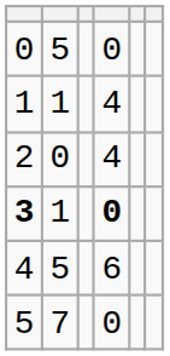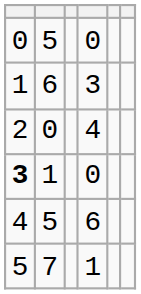 <table class="wikitable">
 <tr>
 <th></th>
 <th></th>
 <th></th>
 <th></th>
 <th></th>
 <th></th>
 </tr>
 <tr>
 <td>0</td>
 <td>5</td>
 <td></td>
 <td>0</td>
 <td></td>
 <td></td>
 </tr>
 <tr>
 <td>1</td>
-<td>1</td>
+<td>6</td>
 <td></td>
-<td>4</td>
+<td>3</td>
 <td></td>
 <td></td>
 </tr>
 <tr>
 <td>2</td>
 <td>0</td>
 <td></td>
 <td>4</td>
 <td></td>
 <td></td>
 </tr>
 <tr>
 <td><strong>3</strong></td>
 <td>1</td>
 <td></td>
-<td><strong>0</strong></td>
+<td>0</td>
 <td></td>
 <td></td>
 </tr>
 <tr>
 <td>4</td>
 <td>5</td>
 <td></td>
 <td>6</td>
 <td></td>
 <td></td>
 </tr>
 <tr>
 <td>5</td>
 <td>7</td>
 <td></td>
-<td>0</td>
+<td>1</td>
 <td></td>
 <td></td>
 </tr>
 </table>
